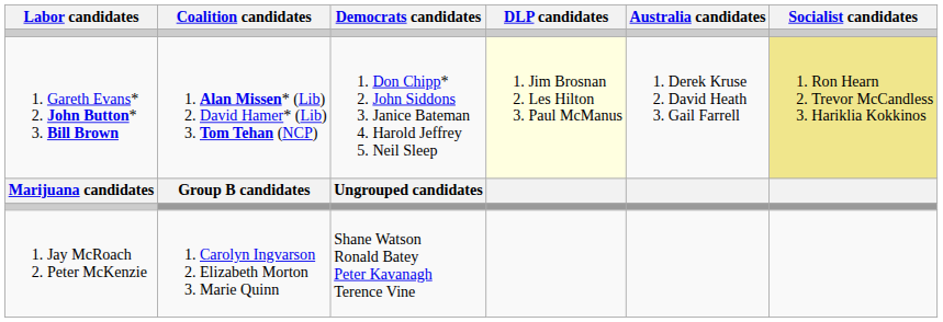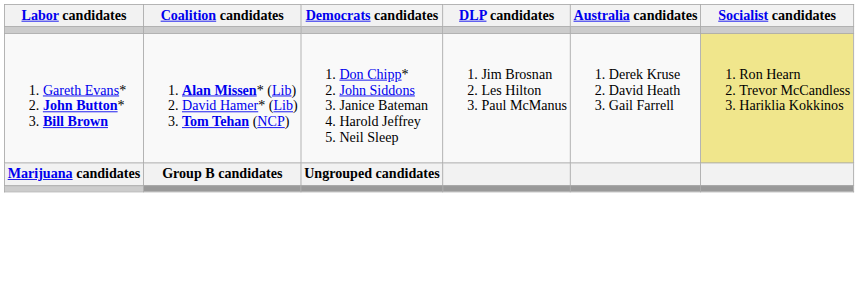 <table class="wikitable">
 <tr>
 <th><a href='#'>Labor</a> candidates</th>
 <th><a href='#'>Coalition</a> candidates</th>
 <th><a href='#'>Democrats</a> candidates</th>
 <th><a href='#'>DLP</a> candidates</th>
 <th><a href='#'>Australia</a> candidates</th>
 <th><a href='#'>Socialist</a> candidates</th>
 </tr>
 <tr bgcolor="#cccccc">
 <td></td>
 <td></td>
 <td></td>
 <td></td>
 <td></td>
 <td></td>
 </tr>
 <tr>
 <td><br><ol><li><a href='#'>Gareth Evans</a>*</li><li><strong><a href='#'>John Button</a></strong>*</li><li><strong><a href='#'>Bill Brown</a></strong></li></ol></td>
 <td><br><ol><li><strong><a href='#'>Alan Missen</a></strong>* (<a href='#'>Lib</a>)</li><li><a href='#'>David Hamer</a>* (<a href='#'>Lib</a>)</li><li><strong><a href='#'>Tom Tehan</a></strong> (<a href='#'>NCP</a>)</li></ol></td>
 <td><br><ol><li><a href='#'>Don Chipp</a>*</li><li><a href='#'>John Siddons</a></li><li>Janice Bateman</li><li>Harold Jeffrey</li><li>Neil Sleep</li></ol></td>
-<td valign=top style="background: lightyellow;"><br><ol><li>Jim Brosnan</li><li>Les Hilton</li><li>Paul McManus</li></ol></td>
+<td valign=top><br><ol><li>Jim Brosnan</li><li>Les Hilton</li><li>Paul McManus</li></ol></td>
 <td valign=top><br><ol><li>Derek Kruse</li><li>David Heath</li><li>Gail Farrell</li></ol></td>
 <td valign=top style="background: khaki;"><br><ol><li>Ron Hearn</li><li>Trevor McCandless</li><li>Hariklia Kokkinos</li></ol></td>
 </tr>
 <tr bgcolor="#cccccc">
 <th><a href='#'>Marijuana</a> candidates</th>
 <th>Group B candidates</th>
 <th>Ungrouped candidates</th>
 <th></th>
 <th></th>
 <th></th>
 </tr>
 <tr bgcolor="#cccccc">
 <td></td>
 <td bgcolor="#999999"></td>
 <td bgcolor="#999999"></td>
 <td bgcolor="#999999"></td>
 <td bgcolor="#999999"></td>
 <td bgcolor="#999999"></td>
 </tr>
-<tr>
-<td valign=top><br><ol><li>Jay McRoach</li><li>Peter McKenzie</li></ol></td>
-<td valign=top><br><ol><li><a href='#'>Carolyn Ingvarson</a></li><li>Elizabeth Morton</li><li>Marie Quinn</li></ol></td>
-<td valign=top><br>Shane Watson<br> Ronald Batey<br> <a href='#'>Peter Kavanagh</a><br> Terence Vine</td>
-<td valign=top></td>
-<td valign=top></td>
-<td valign=top></td>
-</tr>
 </table>
